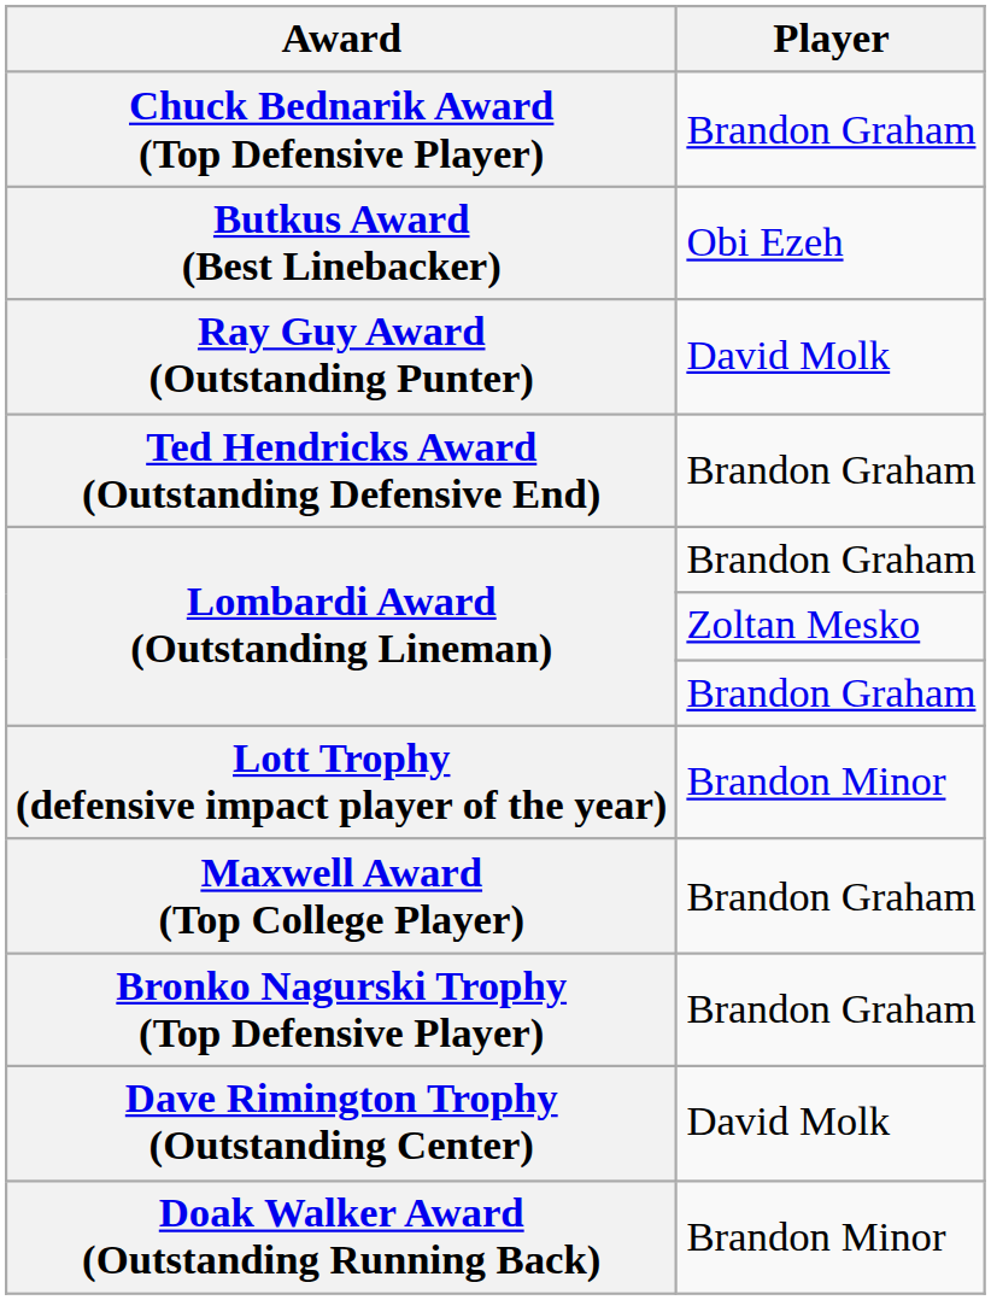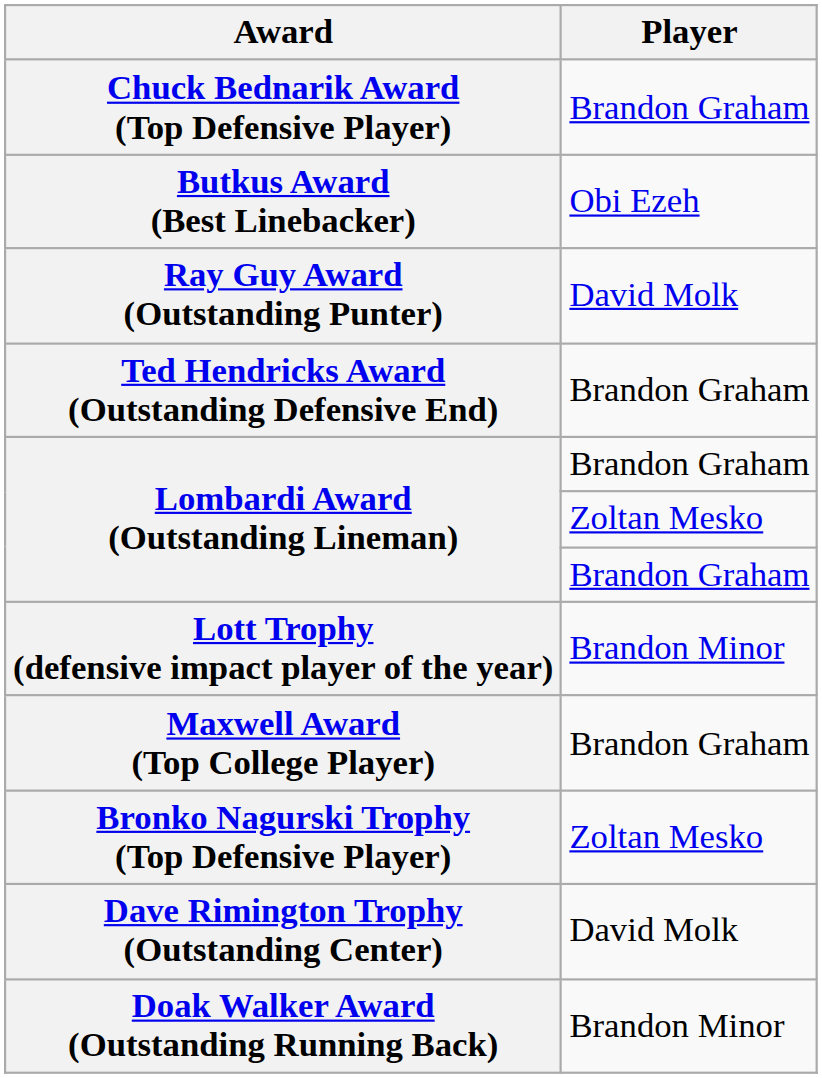 <table class="wikitable">
 <tr>
 <th>Award</th>
 <th>Player</th>
 </tr>
 <tr>
 <th><a href='#'>Chuck Bednarik Award</a><br>(Top Defensive Player)</th>
 <td><a href='#'>Brandon Graham</a></td>
 </tr>
 <tr>
 <th><a href='#'>Butkus Award</a><br>(Best Linebacker)</th>
 <td><a href='#'>Obi Ezeh</a></td>
 </tr>
 <tr>
 <th><a href='#'>Ray Guy Award</a><br>(Outstanding Punter)</th>
 <td><a href='#'>David Molk</a></td>
 </tr>
 <tr>
 <th><a href='#'>Ted Hendricks Award</a><br>(Outstanding Defensive End)</th>
 <td>Brandon Graham</td>
 </tr>
 <tr>
 <th rowspan="3"><a href='#'>Lombardi Award</a><br>(Outstanding Lineman)</th>
 <td>Brandon Graham</td>
 </tr>
 <tr>
 <td><a href='#'>Zoltan Mesko</a></td>
 </tr>
 <tr>
 <td><a href='#'>Brandon Graham</a></td>
 </tr>
 <tr>
 <th><a href='#'>Lott Trophy</a><br>(defensive impact player of the year)</th>
 <td><a href='#'>Brandon Minor</a></td>
 </tr>
 <tr>
 <th><a href='#'>Maxwell Award</a><br>(Top College Player)</th>
 <td>Brandon Graham</td>
 </tr>
 <tr>
 <th><a href='#'>Bronko Nagurski Trophy</a><br>(Top Defensive Player)</th>
-<td>Brandon Graham</td>
+<td><a href='#'>Zoltan Mesko</a></td>
 </tr>
 <tr>
 <th><a href='#'>Dave Rimington Trophy</a><br>(Outstanding Center)</th>
 <td>David Molk</td>
 </tr>
 <tr>
 <th><a href='#'>Doak Walker Award</a><br>(Outstanding Running Back)</th>
 <td>Brandon Minor</td>
 </tr>
 </table>
